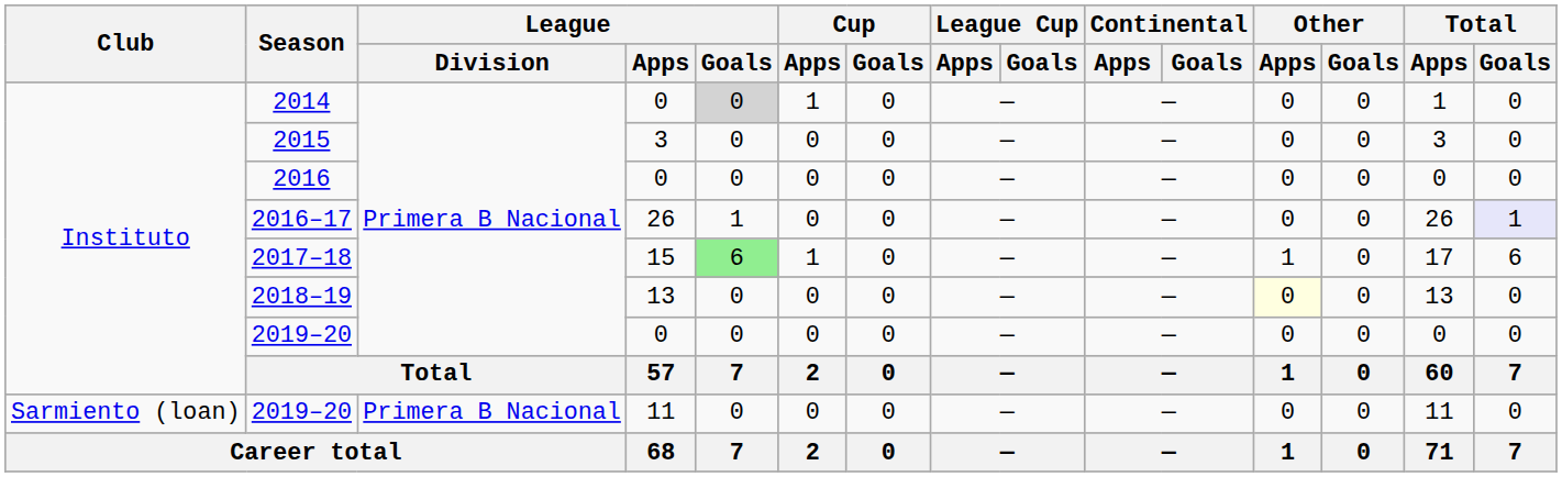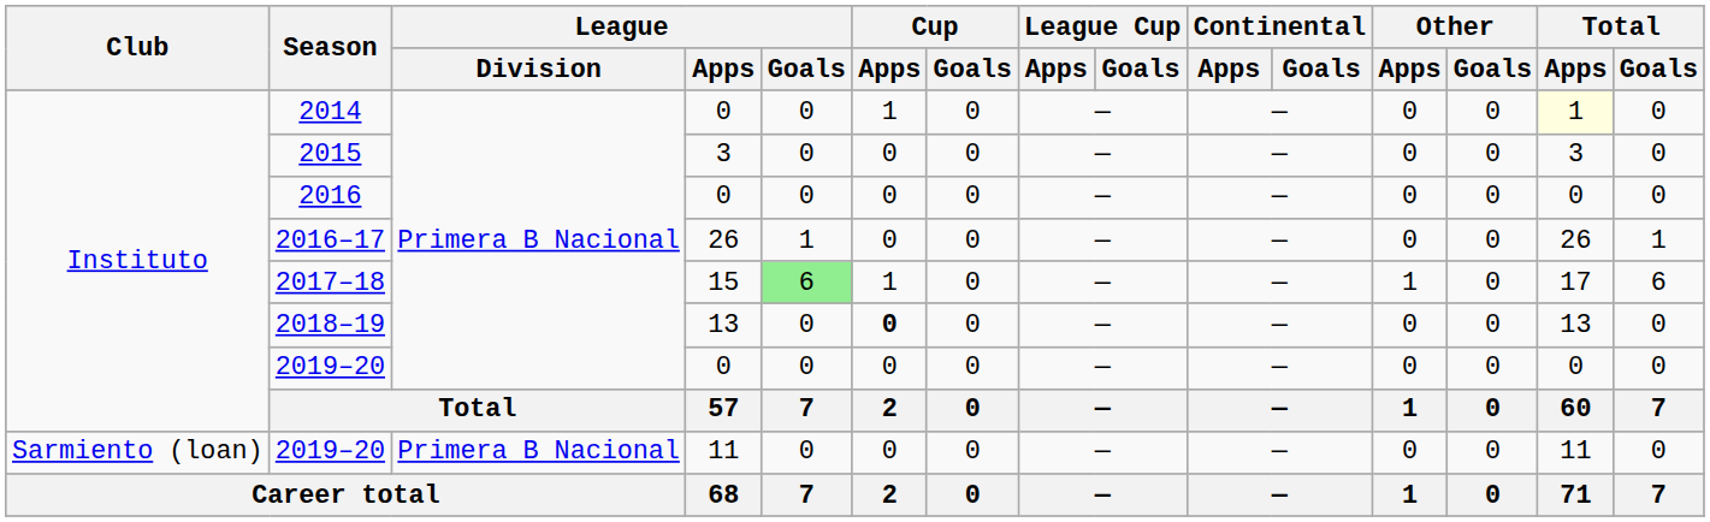 <table class="wikitable" style="text-align:center">
 <tr>
 <th rowspan="2">Club</th>
 <th rowspan="2">Season</th>
 <th colspan="3">League</th>
 <th colspan="2">Cup</th>
 <th colspan="2">League Cup</th>
 <th colspan="2">Continental</th>
 <th colspan="2">Other</th>
 <th colspan="2">Total</th>
 </tr>
 <tr>
 <th>Division</th>
 <th>Apps</th>
 <th>Goals</th>
 <th>Apps</th>
 <th>Goals</th>
 <th>Apps</th>
 <th>Goals</th>
 <th>Apps</th>
 <th>Goals</th>
 <th>Apps</th>
 <th>Goals</th>
 <th>Apps</th>
 <th>Goals</th>
 </tr>
 <tr>
 <td rowspan="8"><a href='#'>Instituto</a></td>
 <td><a href='#'>2014</a></td>
 <td rowspan="7"><a href='#'>Primera B Nacional</a></td>
 <td>0</td>
-<td style="background: lightgrey;">0</td>
+<td>0</td>
 <td>1</td>
 <td>0</td>
 <td colspan="2">—</td>
 <td colspan="2">—</td>
 <td>0</td>
 <td>0</td>
-<td>1</td>
+<td style="background: lightyellow;">1</td>
 <td>0</td>
 </tr>
 <tr>
 <td><a href='#'>2015</a></td>
 <td>3</td>
 <td>0</td>
 <td>0</td>
 <td>0</td>
 <td colspan="2">—</td>
 <td colspan="2">—</td>
 <td>0</td>
 <td>0</td>
 <td>3</td>
 <td>0</td>
 </tr>
 <tr>
 <td><a href='#'>2016</a></td>
 <td>0</td>
 <td>0</td>
 <td>0</td>
 <td>0</td>
 <td colspan="2">—</td>
 <td colspan="2">—</td>
 <td>0</td>
 <td>0</td>
 <td>0</td>
 <td>0</td>
 </tr>
 <tr>
 <td><a href='#'>2016–17</a></td>
 <td>26</td>
 <td>1</td>
 <td>0</td>
 <td>0</td>
 <td colspan="2">—</td>
 <td colspan="2">—</td>
 <td>0</td>
 <td>0</td>
 <td>26</td>
-<td style="background: lavender;">1</td>
+<td>1</td>
 </tr>
 <tr>
 <td><a href='#'>2017–18</a></td>
 <td>15</td>
 <td style="background: lightgreen;">6</td>
 <td>1</td>
 <td>0</td>
 <td colspan="2">—</td>
 <td colspan="2">—</td>
 <td>1</td>
 <td>0</td>
 <td>17</td>
 <td>6</td>
 </tr>
 <tr>
 <td><a href='#'>2018–19</a></td>
 <td>13</td>
 <td>0</td>
-<td>0</td>
+<td><strong>0</strong></td>
 <td>0</td>
 <td colspan="2">—</td>
 <td colspan="2">—</td>
-<td style="background: lightyellow;">0</td>
+<td>0</td>
 <td>0</td>
 <td>13</td>
 <td>0</td>
 </tr>
 <tr>
 <td><a href='#'>2019–20</a></td>
 <td>0</td>
 <td>0</td>
 <td>0</td>
 <td>0</td>
 <td colspan="2">—</td>
 <td colspan="2">—</td>
 <td>0</td>
 <td>0</td>
 <td>0</td>
 <td>0</td>
 </tr>
 <tr>
 <th colspan="2">Total</th>
 <th>57</th>
 <th>7</th>
 <th>2</th>
 <th>0</th>
 <th colspan="2">—</th>
 <th colspan="2">—</th>
 <th>1</th>
 <th>0</th>
 <th>60</th>
 <th>7</th>
 </tr>
 <tr>
 <td rowspan="1"><a href='#'>Sarmiento</a> (loan)</td>
 <td><a href='#'>2019–20</a></td>
 <td rowspan="1"><a href='#'>Primera B Nacional</a></td>
 <td>11</td>
 <td>0</td>
 <td>0</td>
 <td>0</td>
 <td colspan="2">—</td>
 <td colspan="2">—</td>
 <td>0</td>
 <td>0</td>
 <td>11</td>
 <td>0</td>
 </tr>
 <tr>
 <th colspan="3">Career total</th>
 <th>68</th>
 <th>7</th>
 <th>2</th>
 <th>0</th>
 <th colspan="2">—</th>
 <th colspan="2">—</th>
 <th>1</th>
 <th>0</th>
 <th>71</th>
 <th>7</th>
 </tr>
 </table>
